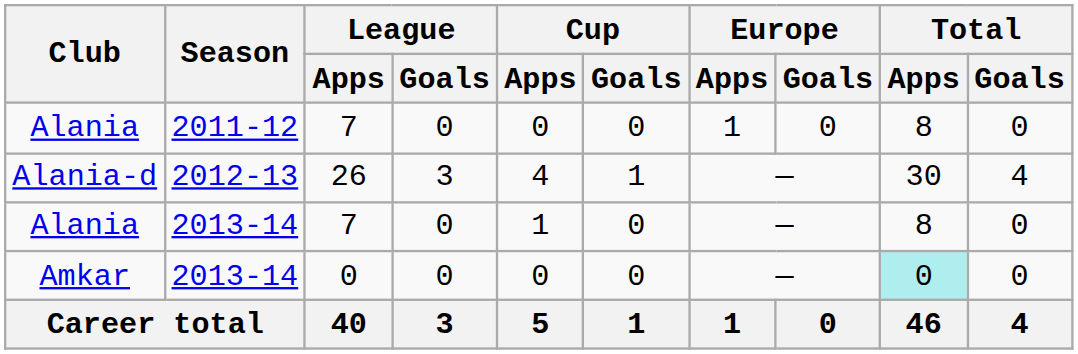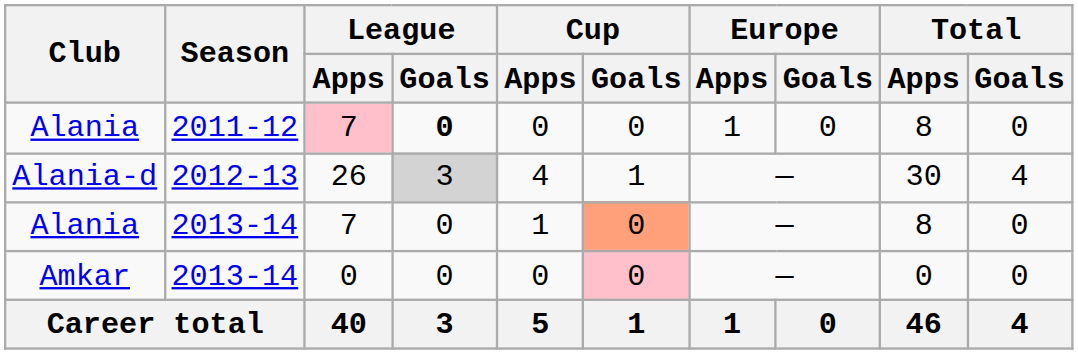 <table class="wikitable" style="text-align: center;">
 <tr>
 <th rowspan="2">Club</th>
 <th rowspan="2">Season</th>
 <th colspan="2">League</th>
 <th colspan="2">Cup</th>
 <th colspan="2">Europe</th>
 <th colspan="2">Total</th>
 </tr>
 <tr>
 <th>Apps</th>
 <th>Goals</th>
 <th>Apps</th>
 <th>Goals</th>
 <th>Apps</th>
 <th>Goals</th>
 <th>Apps</th>
 <th>Goals</th>
 </tr>
 <tr>
 <td><a href='#'>Alania</a></td>
 <td><a href='#'>2011-12</a></td>
-<td>7</td>
-<td>0</td>
+<td style="background: pink;">7</td>
+<td><strong>0</strong></td>
 <td>0</td>
 <td>0</td>
 <td>1</td>
 <td>0</td>
 <td>8</td>
 <td>0</td>
 </tr>
 <tr>
 <td><a href='#'>Alania-d</a></td>
 <td><a href='#'>2012-13</a></td>
 <td>26</td>
-<td>3</td>
+<td style="background: lightgrey;">3</td>
 <td>4</td>
 <td>1</td>
 <td colspan="2">—</td>
 <td>30</td>
 <td>4</td>
 </tr>
 <tr>
 <td><a href='#'>Alania</a></td>
 <td><a href='#'>2013-14</a></td>
 <td>7</td>
 <td>0</td>
 <td>1</td>
-<td>0</td>
+<td style="background: lightsalmon;">0</td>
 <td colspan="2">—</td>
 <td>8</td>
 <td>0</td>
 </tr>
 <tr>
 <td><a href='#'>Amkar</a></td>
 <td><a href='#'>2013-14</a></td>
 <td>0</td>
 <td>0</td>
 <td>0</td>
+<td style="background: pink;">0</td>
+<td colspan="2">—</td>
 <td>0</td>
-<td colspan="2">—</td>
-<td style="background: paleturquoise;">0</td>
 <td>0</td>
 </tr>
 <tr>
 <th colspan="2">Career total</th>
 <th>40</th>
 <th>3</th>
 <th>5</th>
 <th>1</th>
 <th>1</th>
 <th>0</th>
 <th>46</th>
 <th>4</th>
 </tr>
 </table>
